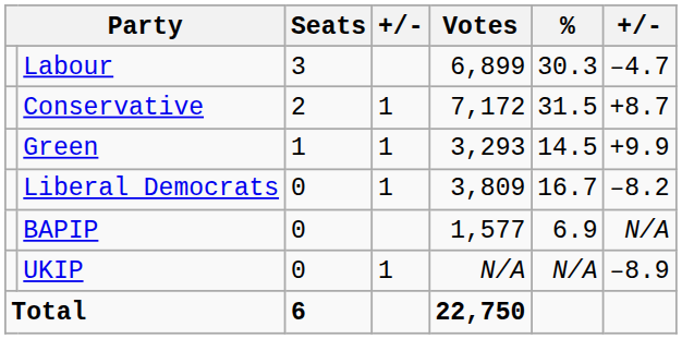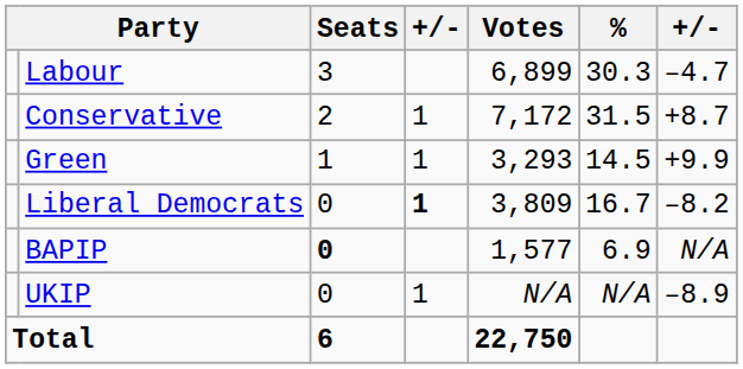 <table class="wikitable sortable">
 <tr>
 <th colspan="2">Party</th>
 <th>Seats</th>
 <th>+/-</th>
 <th>Votes</th>
 <th>%</th>
 <th>+/-</th>
 </tr>
 <tr>
 <td style="background-color: "></td>
 <td><a href='#'>Labour</a></td>
 <td>3</td>
 <td></td>
 <td style="text-align:right;">6,899</td>
 <td style="text-align:right;">30.3</td>
 <td style="text-align:right;">–4.7</td>
 </tr>
 <tr>
 <td style="background-color: "></td>
 <td><a href='#'>Conservative</a></td>
 <td>2</td>
 <td> 1</td>
 <td style="text-align:right;">7,172</td>
 <td style="text-align:right;">31.5</td>
 <td style="text-align:right;">+8.7</td>
 </tr>
 <tr>
 <td style="background-color: "></td>
 <td><a href='#'>Green</a></td>
 <td>1</td>
 <td> 1</td>
 <td style="text-align:right;">3,293</td>
 <td style="text-align:right;">14.5</td>
 <td style="text-align:right;">+9.9</td>
 </tr>
 <tr>
 <td style="background-color: "></td>
 <td><a href='#'>Liberal Democrats</a></td>
 <td>0</td>
-<td> 1</td>
+<td><strong> 1</strong></td>
 <td style="text-align:right;">3,809</td>
 <td style="text-align:right;">16.7</td>
 <td style="text-align:right;">–8.2</td>
 </tr>
 <tr>
 <td style="background-color: "></td>
 <td><a href='#'>BAPIP</a></td>
-<td>0</td>
+<td><strong>0</strong></td>
 <td></td>
 <td style="text-align:right;">1,577</td>
 <td style="text-align:right;">6.9</td>
 <td style="text-align:right;"><em>N/A</em></td>
 </tr>
 <tr>
 <td style="background-color: "></td>
 <td><a href='#'>UKIP</a></td>
 <td>0</td>
 <td> 1</td>
 <td style="text-align:right;"><em>N/A</em></td>
 <td style="text-align:right;"><em>N/A</em></td>
 <td style="text-align:right;">–8.9</td>
 </tr>
 <tr>
 <td colspan="2"><strong>Total</strong></td>
 <td><strong>6</strong></td>
 <td></td>
 <td style="text-align:right;"><strong>22,750</strong></td>
 <td style="text-align:right;"></td>
 <td style="text-align:right;"></td>
 </tr>
 </table>
